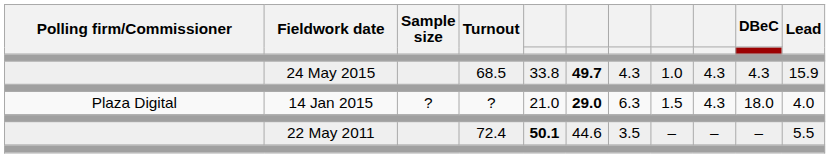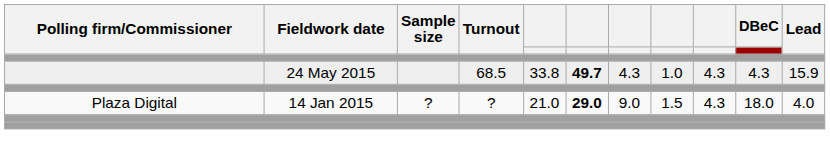 <table class="wikitable collapsible collapsed" style="text-align:center; font-size:95%; line-height:16px;">
 <tr style="height:42px;">
 <th style="width:250px;" rowspan="2">Polling firm/Commissioner</th>
 <th style="width:125px;" rowspan="2">Fieldwork date</th>
 <th style="width:50px;" rowspan="2">Sample size</th>
 <th style="width:45px;" rowspan="2">Turnout</th>
 <th style="width:35px;"></th>
 <th style="width:35px;"></th>
 <th style="width:35px;"></th>
 <th style="width:35px;"></th>
 <th style="width:35px;"></th>
 <th style="width:35px; font-size:95%;">DBeC</th>
 <th style="width:30px;" rowspan="2">Lead</th>
 </tr>
 <tr>
 <th style="color:inherit;background:"></th>
 <th style="color:inherit;background:"></th>
 <th style="color:inherit;background:"></th>
 <th style="color:inherit;background:"></th>
 <th style="color:inherit;background:"></th>
 <th style="color:inherit;background:#9C0001;"></th>
 </tr>
 <tr>
 <td colspan="11" style="background:#A0A0A0"></td>
 </tr>
 <tr style="background:#EFEFEF;">
 <td><strong></strong></td>
 <td>24 May 2015</td>
 <td></td>
 <td>68.5</td>
 <td>33.8<br></td>
 <td><strong>49.7</strong><br></td>
 <td>4.3<br></td>
 <td>1.0<br></td>
 <td>4.3<br></td>
 <td>4.3<br></td>
 <td style="background:">15.9</td>
 </tr>
 <tr>
 <td colspan="11" style="background:#A0A0A0"></td>
 </tr>
 <tr>
 <td>Plaza Digital</td>
 <td>14 Jan 2015</td>
 <td>?</td>
 <td>?</td>
 <td>21.0<br></td>
 <td><strong>29.0</strong><br></td>
-<td>6.3<br></td>
+<td>9.0<br></td>
 <td>1.5<br></td>
 <td>4.3<br></td>
 <td>18.0<br></td>
 <td style="background:">4.0</td>
 </tr>
 <tr>
 <td colspan="11" style="background:#A0A0A0"></td>
 </tr>
-<tr style="background:#EFEFEF;">
-<td><strong></strong></td>
-<td>22 May 2011</td>
-<td></td>
-<td>72.4</td>
-<td><strong>50.1</strong><br></td>
-<td>44.6<br></td>
-<td>3.5<br></td>
-<td>–</td>
-<td>–</td>
-<td>–</td>
-<td style="background:">5.5</td>
-</tr>
 <tr>
 <td colspan="11" style="background:#A0A0A0"></td>
 </tr>
 </table>
